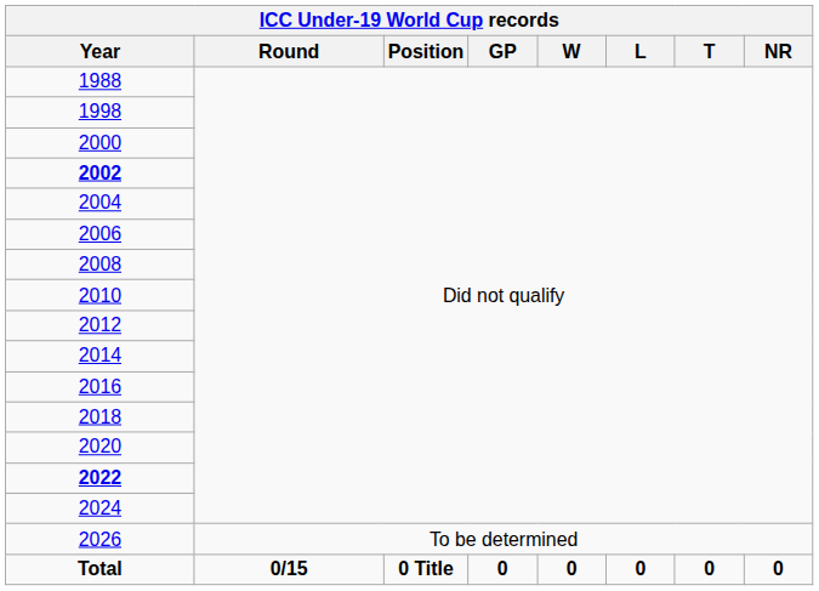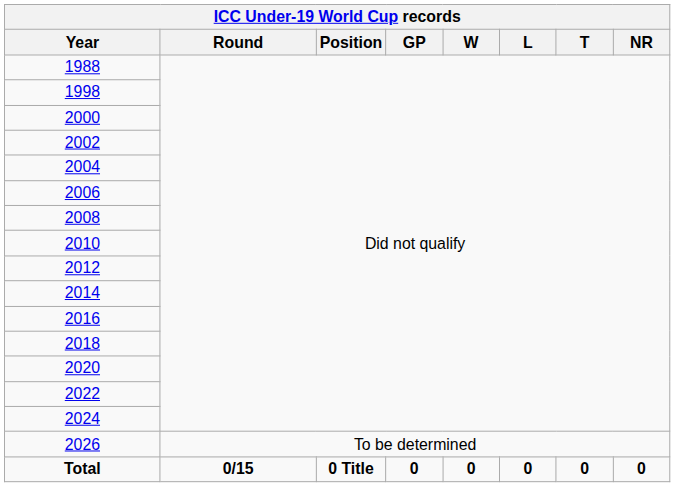 <table class="wikitable" style="text-align: center; width=900px;">
 <tr>
 <th colspan=9><a href='#'>ICC Under-19 World Cup</a> records</th>
 </tr>
 <tr>
 <th width=150>Year</th>
 <th width=150>Round</th>
 <th width=50>Position</th>
 <th width=50>GP</th>
 <th width=50>W</th>
 <th width=50>L</th>
 <th width=50>T</th>
 <th width=50>NR</th>
 </tr>
 <tr>
 <td> <a href='#'>1988</a></td>
 <td colspan=8 rowspan=15>Did not qualify</td>
 </tr>
 <tr>
 <td> <a href='#'>1998</a></td>
 </tr>
 <tr>
 <td> <a href='#'>2000</a></td>
 </tr>
 <tr>
-<td><strong> <a href='#'>2002</a></strong></td>
+<td> <a href='#'>2002</a></td>
 </tr>
 <tr>
 <td> <a href='#'>2004</a></td>
 </tr>
 <tr>
 <td> <a href='#'>2006</a></td>
 </tr>
 <tr>
 <td> <a href='#'>2008</a></td>
 </tr>
 <tr>
 <td> <a href='#'>2010</a></td>
 </tr>
 <tr>
 <td> <a href='#'>2012</a></td>
 </tr>
 <tr>
 <td> <a href='#'>2014</a></td>
 </tr>
 <tr>
 <td> <a href='#'>2016</a></td>
 </tr>
 <tr>
 <td> <a href='#'>2018</a></td>
 </tr>
 <tr>
 <td> <a href='#'>2020</a></td>
 </tr>
 <tr>
-<td><strong> <a href='#'>2022</a></strong></td>
+<td> <a href='#'>2022</a></td>
 </tr>
 <tr>
 <td> <a href='#'>2024</a></td>
 </tr>
 <tr>
 <td>  <a href='#'>2026</a></td>
 <td colspan=8 rowspan=1>To be determined</td>
 </tr>
 <tr>
 <td><strong>Total</strong></td>
 <td><strong>0/15</strong></td>
 <td><strong>0 Title</strong></td>
 <td><strong>0</strong></td>
 <td><strong>0</strong></td>
 <td><strong>0</strong></td>
 <td><strong>0</strong></td>
 <td><strong>0</strong></td>
 </tr>
 </table>
